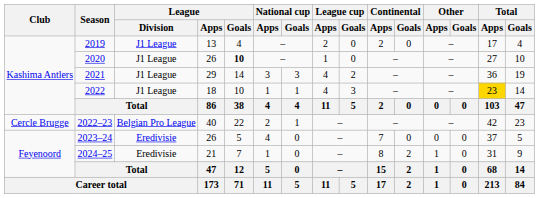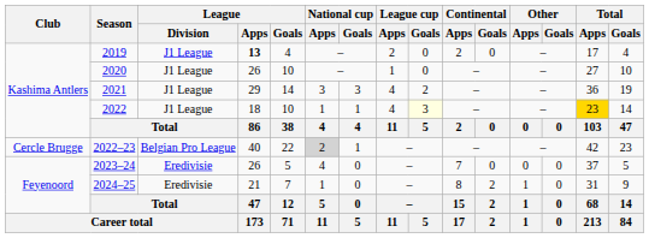 <table class="wikitable" style="text-align: center">
 <tr>
 <th rowspan="2">Club</th>
 <th rowspan="2">Season</th>
 <th colspan="3">League</th>
 <th colspan="2">National cup</th>
 <th colspan="2">League cup</th>
 <th colspan="2">Continental</th>
 <th colspan="2">Other</th>
 <th colspan="2">Total</th>
 </tr>
 <tr>
 <th>Division</th>
 <th>Apps</th>
 <th>Goals</th>
 <th>Apps</th>
 <th>Goals</th>
 <th>Apps</th>
 <th>Goals</th>
 <th>Apps</th>
 <th>Goals</th>
 <th>Apps</th>
 <th>Goals</th>
 <th>Apps</th>
 <th>Goals</th>
 </tr>
 <tr>
 <td rowspan="5"><a href='#'>Kashima Antlers</a></td>
 <td><a href='#'>2019</a></td>
 <td><a href='#'>J1 League</a></td>
-<td>13</td>
+<td><strong>13</strong></td>
 <td>4</td>
 <td colspan="2">–</td>
 <td>2</td>
 <td>0</td>
 <td>2</td>
 <td>0</td>
 <td colspan="2">–</td>
 <td>17</td>
 <td>4</td>
 </tr>
 <tr>
 <td><a href='#'>2020</a></td>
 <td>J1 League</td>
 <td>26</td>
-<td><strong>10</strong></td>
+<td>10</td>
 <td colspan="2">–</td>
 <td>1</td>
 <td>0</td>
 <td colspan="2">–</td>
 <td colspan="2">–</td>
 <td>27</td>
 <td>10</td>
 </tr>
 <tr>
 <td><a href='#'>2021</a></td>
 <td>J1 League</td>
 <td>29</td>
 <td>14</td>
 <td>3</td>
 <td>3</td>
 <td>4</td>
 <td>2</td>
 <td colspan="2">–</td>
 <td colspan="2">–</td>
 <td>36</td>
 <td>19</td>
 </tr>
 <tr>
 <td><a href='#'>2022</a></td>
 <td>J1 League</td>
 <td>18</td>
 <td>10</td>
 <td>1</td>
 <td>1</td>
 <td>4</td>
-<td>3</td>
+<td style="background: lightyellow;">3</td>
 <td colspan="2">–</td>
 <td colspan="2">–</td>
 <td style="background: gold;">23</td>
 <td>14</td>
 </tr>
 <tr>
 <th colspan="2">Total</th>
 <th>86</th>
 <th>38</th>
 <th>4</th>
 <th>4</th>
 <th>11</th>
 <th>5</th>
 <th>2</th>
 <th>0</th>
 <th>0</th>
 <th>0</th>
 <th>103</th>
 <th>47</th>
 </tr>
 <tr>
 <td><a href='#'>Cercle Brugge</a></td>
 <td><a href='#'>2022–23</a></td>
 <td><a href='#'>Belgian Pro League</a></td>
 <td>40</td>
 <td>22</td>
-<td>2</td>
+<td style="background: lightgrey;">2</td>
 <td>1</td>
 <td colspan="2">–</td>
 <td colspan="2">–</td>
 <td colspan="2">–</td>
 <td>42</td>
 <td>23</td>
 </tr>
 <tr>
 <td rowspan="3"><a href='#'>Feyenoord</a></td>
 <td><a href='#'>2023–24</a></td>
 <td><a href='#'>Eredivisie</a></td>
 <td>26</td>
 <td>5</td>
 <td>4</td>
 <td>0</td>
 <td colspan="2">–</td>
 <td>7</td>
 <td>0</td>
 <td>0</td>
 <td>0</td>
 <td>37</td>
 <td>5</td>
 </tr>
 <tr>
 <td><a href='#'>2024–25</a></td>
 <td>Eredivisie</td>
 <td>21</td>
 <td>7</td>
 <td>1</td>
 <td>0</td>
 <td colspan="2">–</td>
 <td>8</td>
 <td>2</td>
 <td>1</td>
 <td>0</td>
 <td>31</td>
 <td>9</td>
 </tr>
 <tr>
 <th colspan="2">Total</th>
 <th>47</th>
 <th>12</th>
 <th>5</th>
 <th>0</th>
 <th colspan="2">–</th>
 <th>15</th>
 <th>2</th>
 <th>1</th>
 <th>0</th>
 <th>68</th>
 <th>14</th>
 </tr>
 <tr>
 <th colspan="3">Career total</th>
 <th>173</th>
 <th>71</th>
 <th>11</th>
 <th>5</th>
 <th>11</th>
 <th>5</th>
 <th>17</th>
 <th>2</th>
 <th>1</th>
 <th>0</th>
 <th>213</th>
 <th>84</th>
 </tr>
 </table>
